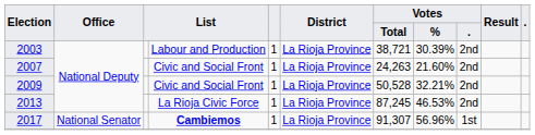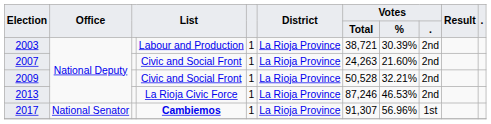 <table class="wikitable" style="font-size:90%; text-align:center;">
 <tr>
 <th style="background-color:#EAECF0;" rowspan=2>Election</th>
 <th style="background-color:#EAECF0;" rowspan=2>Office</th>
 <th style="background-color:#EAECF0;" colspan=2 rowspan=2>List</th>
 <th style="background-color:#EAECF0;" rowspan=2></th>
 <th style="background-color:#EAECF0;" rowspan=2>District</th>
 <th style="background-color:#EAECF0;" colspan=3>Votes</th>
 <th style="background-color:#EAECF0;" rowspan=2>Result</th>
 <th style="background-color:#EAECF0;" rowspan=2>.</th>
 </tr>
 <tr>
 <th style="background-color:#EAECF0;">Total</th>
 <th style="background-color:#EAECF0;">%</th>
 <th style="background-color:#EAECF0;">.</th>
 </tr>
 <tr>
 <td style="background-color:#EAECF0;"><a href='#'>2003</a></td>
 <td rowspan="4"><a href='#'>National Deputy</a></td>
 <td style="background-color:"></td>
 <td><a href='#'>Labour and Production</a></td>
 <td>1</td>
 <td><a href='#'>La Rioja Province</a></td>
 <td>38,721</td>
 <td>30.39%</td>
 <td>2nd</td>
 <td></td>
 <td></td>
 </tr>
 <tr>
 <td style="background-color:#EAECF0;"><a href='#'>2007</a></td>
 <td style="background-color:"></td>
 <td><a href='#'>Civic and Social Front</a></td>
 <td>1</td>
 <td><a href='#'>La Rioja Province</a></td>
 <td>24,263</td>
 <td>21.60%</td>
 <td>2nd</td>
 <td></td>
 <td></td>
 </tr>
 <tr>
 <td style="background-color:#EAECF0;"><a href='#'>2009</a></td>
 <td style="background-color:"></td>
 <td><a href='#'>Civic and Social Front</a></td>
 <td>1</td>
 <td><a href='#'>La Rioja Province</a></td>
 <td>50,528</td>
 <td>32.21%</td>
 <td>2nd</td>
 <td></td>
 <td></td>
 </tr>
 <tr>
 <td style="background-color:#EAECF0;"><a href='#'>2013</a></td>
 <td style="background-color:"></td>
 <td><a href='#'>La Rioja Civic Force</a></td>
 <td>1</td>
 <td><a href='#'>La Rioja Province</a></td>
-<td>87,245</td>
+<td>87,246</td>
 <td>46.53%</td>
 <td>2nd</td>
 <td></td>
 <td></td>
 </tr>
 <tr>
 <td style="background-color:#EAECF0;"><a href='#'>2017</a></td>
 <td><a href='#'>National Senator</a></td>
 <td style="background-color:"></td>
 <td><strong><a href='#'>Cambiemos</a></strong></td>
 <td>1</td>
 <td><a href='#'>La Rioja Province</a></td>
 <td>91,307</td>
 <td>56.96%</td>
 <td>1st</td>
 <td></td>
 <td></td>
 </tr>
 <tr>
 </tr>
 </table>
